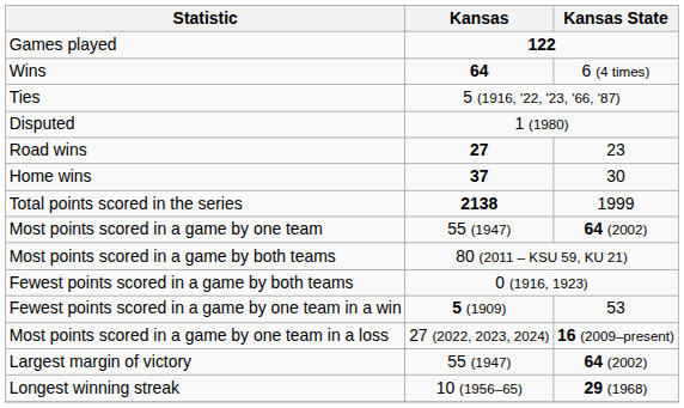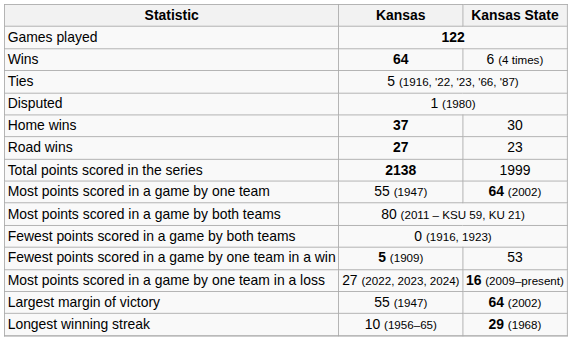 <table class="wikitable" style="text-align:center">
 <tr>
 <th>Statistic</th>
 <th>Kansas</th>
 <th>Kansas State</th>
 </tr>
 <tr>
 <td style="text-align:left;">Games played</td>
 <td colspan=2><strong>122</strong></td>
 </tr>
 <tr>
 <td style="text-align:left;">Wins</td>
 <td><strong>64</strong></td>
 <td>6 <small>(4 times)</small></td>
 </tr>
 <tr>
 <td style="text-align:left;">Ties</td>
 <td colspan=2>5 <small>(1916, '22, '23, '66, '87)</small></td>
 </tr>
 <tr>
 <td style="text-align:left;">Disputed</td>
 <td colspan=2>1 <small>(1980)</small></td>
 </tr>
 <tr>
+<td style="text-align:left;">Home wins</td>
+<td><strong>37</strong></td>
+<td>30</td>
+</tr>
+<tr>
 <td style="text-align:left;">Road wins</td>
 <td><strong>27</strong></td>
 <td>23</td>
-</tr>
-<tr>
-<td style="text-align:left;">Home wins</td>
-<td><strong>37</strong></td>
-<td>30</td>
 </tr>
 <tr>
 <td style="text-align:left;">Total points scored in the series</td>
 <td><strong>2138</strong></td>
 <td>1999</td>
 </tr>
 <tr>
 <td style="text-align:left;">Most points scored in a game by one team</td>
 <td>55 <small>(1947)</small></td>
 <td><strong>64</strong> <small>(2002)</small></td>
 </tr>
 <tr>
 <td style="text-align:left;">Most points scored in a game by both teams</td>
 <td colspan=2>80 <small>(2011 – KSU 59, KU 21)</small></td>
 </tr>
 <tr>
 <td style="text-align:left;">Fewest points scored in a game by both teams</td>
 <td colspan=2>0 <small>(1916, 1923)</small></td>
 </tr>
 <tr>
 <td style="text-align:left;">Fewest points scored in a game by one team in a win</td>
 <td><strong>5</strong> <small>(1909)</small></td>
 <td>53</td>
 </tr>
 <tr>
 <td style="text-align:left;">Most points scored in a game by one team in a loss</td>
 <td>27 <small>(2022, 2023, 2024)</small></td>
 <td><strong>16</strong> <small>(2009–present)</small></td>
 </tr>
 <tr>
 <td style="text-align:left;">Largest margin of victory</td>
 <td>55 <small>(1947)</small></td>
 <td><strong>64</strong> <small>(2002)</small></td>
 </tr>
 <tr>
 <td style="text-align:left;">Longest winning streak</td>
 <td>10 <small>(1956–65)</small></td>
 <td><strong>29</strong> <small>(1968)</small></td>
 </tr>
 <tr>
 </tr>
 </table>
